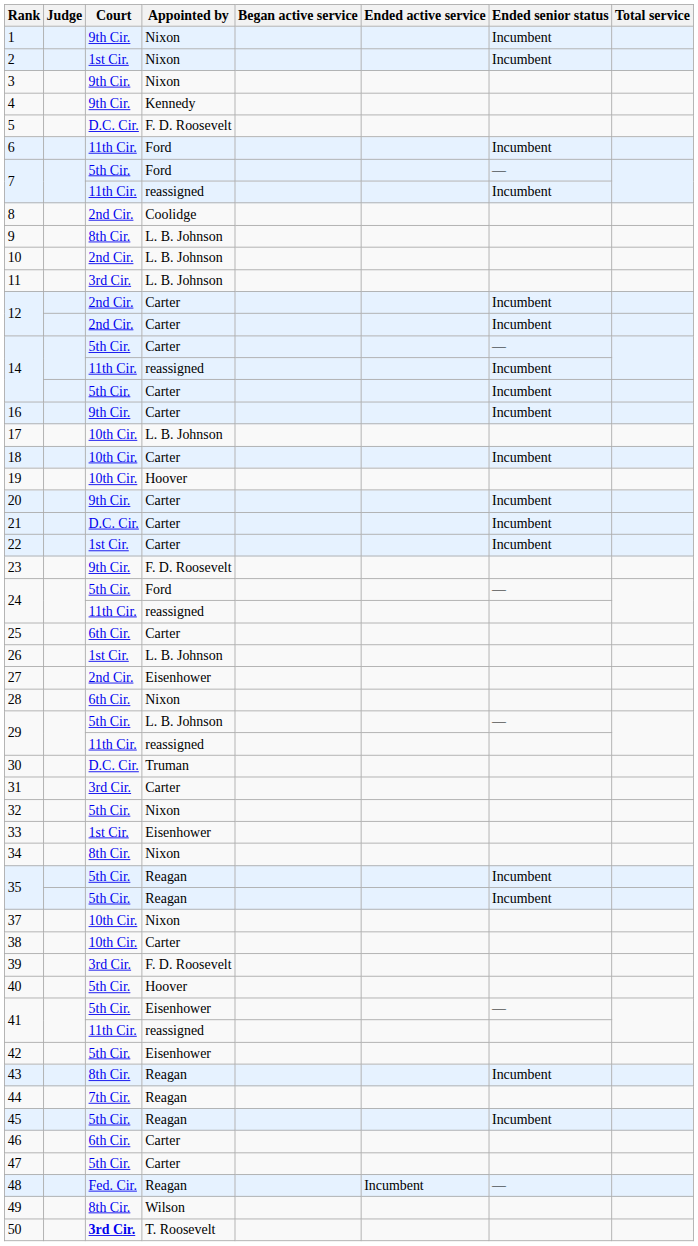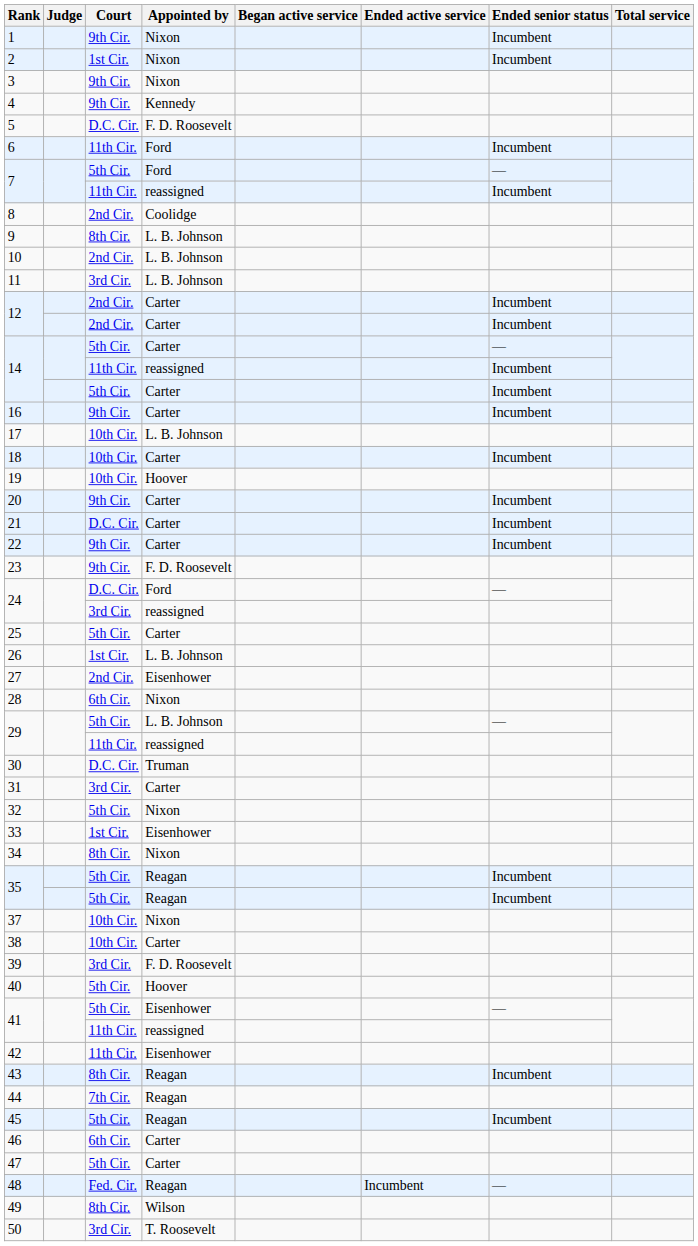 <table class="wikitable sortable">
 <tr>
 <th>Rank</th>
 <th>Judge</th>
 <th>Court</th>
 <th>Appointed by</th>
 <th>Began active service</th>
 <th>Ended active service</th>
 <th>Ended senior status</th>
 <th>Total service</th>
 </tr>
 <tr bgcolor="E6F2FF">
 <td>1</td>
 <td></td>
 <td><a href='#'>9th Cir.</a></td>
 <td>Nixon</td>
 <td></td>
 <td></td>
 <td>Incumbent</td>
 <td></td>
 </tr>
 <tr bgcolor="E6F2FF">
 <td>2</td>
 <td></td>
 <td><a href='#'>1st Cir.</a></td>
 <td>Nixon</td>
 <td></td>
 <td></td>
 <td>Incumbent</td>
 <td></td>
 </tr>
 <tr>
 <td>3</td>
 <td></td>
 <td><a href='#'>9th Cir.</a></td>
 <td>Nixon</td>
 <td></td>
 <td></td>
 <td></td>
 <td></td>
 </tr>
 <tr>
 <td>4</td>
 <td></td>
 <td><a href='#'>9th Cir.</a></td>
 <td>Kennedy</td>
 <td></td>
 <td></td>
 <td></td>
 <td></td>
 </tr>
 <tr>
 <td>5</td>
 <td></td>
 <td><a href='#'>D.C. Cir.</a></td>
 <td>F. D. Roosevelt</td>
 <td></td>
 <td></td>
 <td></td>
 <td></td>
 </tr>
 <tr bgcolor="E6F2FF">
 <td>6</td>
 <td></td>
 <td><a href='#'>11th Cir.</a></td>
 <td>Ford</td>
 <td></td>
 <td></td>
 <td>Incumbent</td>
 <td></td>
 </tr>
 <tr bgcolor="E6F2FF">
 <td rowspan=2>7</td>
 <td rowspan=2></td>
 <td><a href='#'>5th Cir.</a></td>
 <td>Ford</td>
 <td></td>
 <td></td>
 <td>—</td>
 <td rowspan=2></td>
 </tr>
 <tr bgcolor="E6F2FF">
 <td><a href='#'>11th Cir.</a></td>
 <td>reassigned</td>
 <td></td>
 <td></td>
 <td>Incumbent</td>
 </tr>
 <tr>
 <td>8</td>
 <td></td>
 <td><a href='#'>2nd Cir.</a></td>
 <td>Coolidge</td>
 <td></td>
 <td></td>
 <td></td>
 <td></td>
 </tr>
 <tr>
 <td>9</td>
 <td></td>
 <td><a href='#'>8th Cir.</a></td>
 <td>L. B. Johnson</td>
 <td></td>
 <td></td>
 <td></td>
 <td></td>
 </tr>
 <tr>
 <td>10</td>
 <td></td>
 <td><a href='#'>2nd Cir.</a></td>
 <td>L. B. Johnson</td>
 <td></td>
 <td></td>
 <td></td>
 <td></td>
 </tr>
 <tr>
 <td>11</td>
 <td></td>
 <td><a href='#'>3rd Cir.</a></td>
 <td>L. B. Johnson</td>
 <td></td>
 <td></td>
 <td></td>
 <td></td>
 </tr>
 <tr bgcolor="E6F2FF">
 <td rowspan=2>12</td>
 <td></td>
 <td><a href='#'>2nd Cir.</a></td>
 <td>Carter</td>
 <td></td>
 <td></td>
 <td>Incumbent</td>
 <td></td>
 </tr>
 <tr bgcolor="E6F2FF">
 <td></td>
 <td><a href='#'>2nd Cir.</a></td>
 <td>Carter</td>
 <td></td>
 <td></td>
 <td>Incumbent</td>
 <td></td>
 </tr>
 <tr bgcolor="E6F2FF">
 <td rowspan=3>14</td>
 <td rowspan=2></td>
 <td><a href='#'>5th Cir.</a></td>
 <td>Carter</td>
 <td></td>
 <td></td>
 <td>—</td>
 <td rowspan=2></td>
 </tr>
 <tr bgcolor="E6F2FF">
 <td><a href='#'>11th Cir.</a></td>
 <td>reassigned</td>
 <td></td>
 <td></td>
 <td>Incumbent</td>
 </tr>
 <tr bgcolor="E6F2FF">
 <td></td>
 <td><a href='#'>5th Cir.</a></td>
 <td>Carter</td>
 <td></td>
 <td></td>
 <td>Incumbent</td>
 <td></td>
 </tr>
 <tr bgcolor="E6F2FF">
 <td>16</td>
 <td></td>
 <td><a href='#'>9th Cir.</a></td>
 <td>Carter</td>
 <td></td>
 <td></td>
 <td>Incumbent</td>
 <td></td>
 </tr>
 <tr>
 <td>17</td>
 <td></td>
 <td><a href='#'>10th Cir.</a></td>
 <td>L. B. Johnson</td>
 <td></td>
 <td></td>
 <td></td>
 <td></td>
 </tr>
 <tr bgcolor="E6F2FF">
 <td>18</td>
 <td></td>
 <td><a href='#'>10th Cir.</a></td>
 <td>Carter</td>
 <td></td>
 <td></td>
 <td>Incumbent</td>
 <td></td>
 </tr>
 <tr>
 <td>19</td>
 <td></td>
 <td><a href='#'>10th Cir.</a></td>
 <td>Hoover</td>
 <td></td>
 <td></td>
 <td></td>
 <td></td>
 </tr>
 <tr bgcolor="E6F2FF">
 <td>20</td>
 <td></td>
 <td><a href='#'>9th Cir.</a></td>
 <td>Carter</td>
 <td></td>
 <td></td>
 <td>Incumbent</td>
 <td></td>
 </tr>
 <tr bgcolor="E6F2FF">
 <td>21</td>
 <td></td>
 <td><a href='#'>D.C. Cir.</a></td>
 <td>Carter</td>
 <td></td>
 <td></td>
 <td>Incumbent</td>
 <td></td>
 </tr>
 <tr bgcolor="E6F2FF">
 <td>22</td>
 <td></td>
-<td><a href='#'>1st Cir.</a></td>
+<td><a href='#'>9th Cir.</a></td>
 <td>Carter</td>
 <td></td>
 <td></td>
 <td>Incumbent</td>
 <td></td>
 </tr>
 <tr>
 <td>23</td>
 <td></td>
 <td><a href='#'>9th Cir.</a></td>
 <td>F. D. Roosevelt</td>
 <td></td>
 <td></td>
 <td></td>
 <td></td>
 </tr>
 <tr>
 <td rowspan=2>24</td>
 <td rowspan=2></td>
-<td><a href='#'>5th Cir.</a></td>
+<td><a href='#'>D.C. Cir.</a></td>
 <td>Ford</td>
 <td></td>
 <td></td>
 <td>—</td>
 <td rowspan=2></td>
 </tr>
 <tr>
-<td><a href='#'>11th Cir.</a></td>
+<td><a href='#'>3rd Cir.</a></td>
 <td>reassigned</td>
 <td></td>
 <td></td>
 <td></td>
 </tr>
 <tr>
 <td>25</td>
 <td></td>
-<td><a href='#'>6th Cir.</a></td>
+<td><a href='#'>5th Cir.</a></td>
 <td>Carter</td>
 <td></td>
 <td></td>
 <td></td>
 <td></td>
 </tr>
 <tr>
 <td>26</td>
 <td></td>
 <td><a href='#'>1st Cir.</a></td>
 <td>L. B. Johnson</td>
 <td></td>
 <td></td>
 <td></td>
 <td></td>
 </tr>
 <tr>
 <td>27</td>
 <td></td>
 <td><a href='#'>2nd Cir.</a></td>
 <td>Eisenhower</td>
 <td></td>
 <td></td>
 <td></td>
 <td></td>
 </tr>
 <tr>
 <td>28</td>
 <td></td>
 <td><a href='#'>6th Cir.</a></td>
 <td>Nixon</td>
 <td></td>
 <td></td>
 <td></td>
 <td></td>
 </tr>
 <tr>
 <td rowspan=2>29</td>
 <td rowspan=2></td>
 <td><a href='#'>5th Cir.</a></td>
 <td>L. B. Johnson</td>
 <td></td>
 <td></td>
 <td>—</td>
 <td rowspan=2></td>
 </tr>
 <tr>
 <td><a href='#'>11th Cir.</a></td>
 <td>reassigned</td>
 <td></td>
 <td></td>
 <td></td>
 </tr>
 <tr>
 <td>30</td>
 <td></td>
 <td><a href='#'>D.C. Cir.</a></td>
 <td>Truman</td>
 <td></td>
 <td></td>
 <td></td>
 <td></td>
 </tr>
 <tr>
 <td>31</td>
 <td></td>
 <td><a href='#'>3rd Cir.</a></td>
 <td>Carter</td>
 <td></td>
 <td></td>
 <td></td>
 <td></td>
 </tr>
 <tr>
 <td>32</td>
 <td></td>
 <td><a href='#'>5th Cir.</a></td>
 <td>Nixon</td>
 <td></td>
 <td></td>
 <td></td>
 <td></td>
 </tr>
 <tr>
 <td>33</td>
 <td></td>
 <td><a href='#'>1st Cir.</a></td>
 <td>Eisenhower</td>
 <td></td>
 <td></td>
 <td></td>
 <td></td>
 </tr>
 <tr>
 <td>34</td>
 <td></td>
 <td><a href='#'>8th Cir.</a></td>
 <td>Nixon</td>
 <td></td>
 <td></td>
 <td></td>
 <td></td>
 </tr>
 <tr bgcolor="E6F2FF">
 <td rowspan=2>35</td>
 <td></td>
 <td><a href='#'>5th Cir.</a></td>
 <td>Reagan</td>
 <td></td>
 <td></td>
 <td>Incumbent</td>
 <td></td>
 </tr>
 <tr bgcolor="E6F2FF">
 <td></td>
 <td><a href='#'>5th Cir.</a></td>
 <td>Reagan</td>
 <td></td>
 <td></td>
 <td>Incumbent</td>
 <td></td>
 </tr>
 <tr>
 <td>37</td>
 <td></td>
 <td><a href='#'>10th Cir.</a></td>
 <td>Nixon</td>
 <td></td>
 <td></td>
 <td></td>
 <td></td>
 </tr>
 <tr>
 <td>38</td>
 <td></td>
 <td><a href='#'>10th Cir.</a></td>
 <td>Carter</td>
 <td></td>
 <td></td>
 <td></td>
 <td></td>
 </tr>
 <tr>
 <td>39</td>
 <td></td>
 <td><a href='#'>3rd Cir.</a></td>
 <td>F. D. Roosevelt</td>
 <td></td>
 <td></td>
 <td></td>
 <td></td>
 </tr>
 <tr>
 <td>40</td>
 <td></td>
 <td><a href='#'>5th Cir.</a></td>
 <td>Hoover</td>
 <td></td>
 <td></td>
 <td></td>
 <td></td>
 </tr>
 <tr>
 <td rowspan=2>41</td>
 <td rowspan=2></td>
 <td><a href='#'>5th Cir.</a></td>
 <td>Eisenhower</td>
 <td></td>
 <td></td>
 <td>—</td>
 <td rowspan=2></td>
 </tr>
 <tr>
 <td><a href='#'>11th Cir.</a></td>
 <td>reassigned</td>
 <td></td>
 <td></td>
 <td></td>
 </tr>
 <tr>
 <td>42</td>
 <td></td>
-<td><a href='#'>5th Cir.</a></td>
+<td><a href='#'>11th Cir.</a></td>
 <td>Eisenhower</td>
 <td></td>
 <td></td>
 <td></td>
 <td></td>
 </tr>
 <tr bgcolor="E6F2FF">
 <td>43</td>
 <td></td>
 <td><a href='#'>8th Cir.</a></td>
 <td>Reagan</td>
 <td></td>
 <td></td>
 <td>Incumbent</td>
 <td></td>
 </tr>
 <tr>
 <td>44</td>
 <td></td>
 <td><a href='#'>7th Cir.</a></td>
 <td>Reagan</td>
 <td></td>
 <td></td>
 <td></td>
 <td></td>
 </tr>
 <tr bgcolor="E6F2FF">
 <td>45</td>
 <td></td>
 <td><a href='#'>5th Cir.</a></td>
 <td>Reagan</td>
 <td></td>
 <td></td>
 <td>Incumbent</td>
 <td></td>
 </tr>
 <tr>
 <td>46</td>
 <td></td>
 <td><a href='#'>6th Cir.</a></td>
 <td>Carter</td>
 <td></td>
 <td></td>
 <td></td>
 <td></td>
 </tr>
 <tr>
 <td>47</td>
 <td></td>
 <td><a href='#'>5th Cir.</a></td>
 <td>Carter</td>
 <td></td>
 <td></td>
 <td></td>
 <td></td>
 </tr>
 <tr bgcolor="E6F2FF">
 <td>48</td>
 <td></td>
 <td><a href='#'>Fed. Cir.</a></td>
 <td>Reagan</td>
 <td></td>
 <td>Incumbent</td>
 <td>—</td>
 <td></td>
 </tr>
 <tr>
 <td>49</td>
 <td></td>
 <td><a href='#'>8th Cir.</a></td>
 <td>Wilson</td>
 <td></td>
 <td></td>
 <td></td>
 <td></td>
 </tr>
 <tr>
 <td>50</td>
 <td></td>
-<td><strong><a href='#'>3rd Cir.</a></strong></td>
+<td><a href='#'>3rd Cir.</a></td>
 <td>T. Roosevelt</td>
 <td></td>
 <td></td>
 <td></td>
 <td><br> </td>
 </tr>
 </table>
